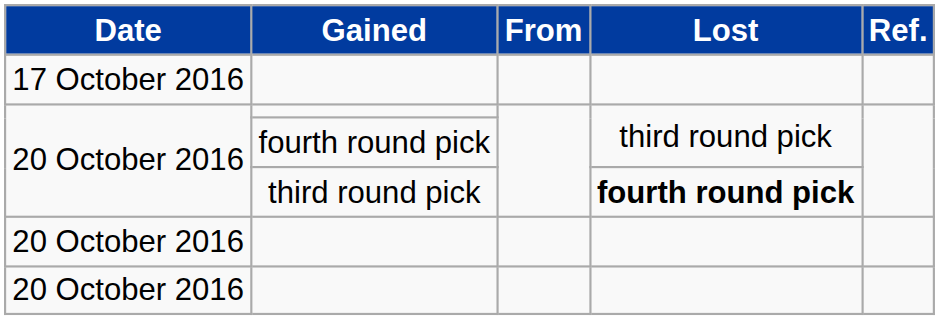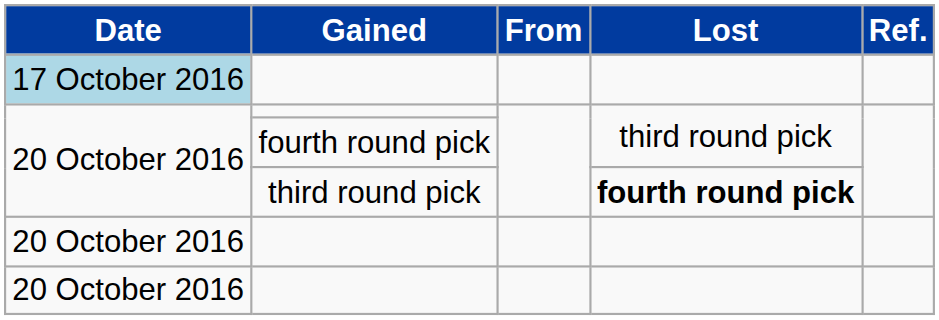 <table class="wikitable" style="font-size:90%; text-align:center;">
 <tr>
 <td style="background:#013B9F; color:white;"><strong>Date</strong></td>
 <td style="background:#013B9F; color:white;"><strong>Gained</strong></td>
 <td style="background:#013B9F; color:white;"><strong>From</strong></td>
 <td style="background:#013B9F; color:white;"><strong>Lost</strong></td>
 <td style="background:#013B9F; color:white;"><strong>Ref.</strong></td>
 </tr>
 <tr>
-<td>17 October 2016</td>
+<td style="background: lightblue;">17 October 2016</td>
 <td></td>
 <td></td>
 <td></td>
 <td></td>
 </tr>
 <tr>
 <td rowspan=3>20 October 2016</td>
 <td></td>
 <td rowspan=3></td>
 <td rowspan=2> third round pick</td>
 <td rowspan=3></td>
 </tr>
 <tr>
 <td> fourth round pick</td>
 </tr>
 <tr>
 <td> third round pick</td>
 <td><strong> fourth round pick</strong></td>
 </tr>
 <tr>
 <td>20 October 2016</td>
 <td></td>
 <td></td>
 <td></td>
 <td></td>
 </tr>
 <tr>
 <td>20 October 2016</td>
 <td></td>
 <td></td>
 <td></td>
 <td></td>
 </tr>
 </table>
